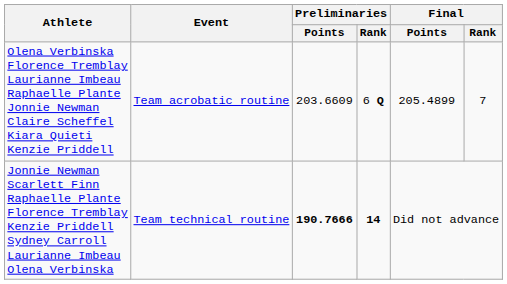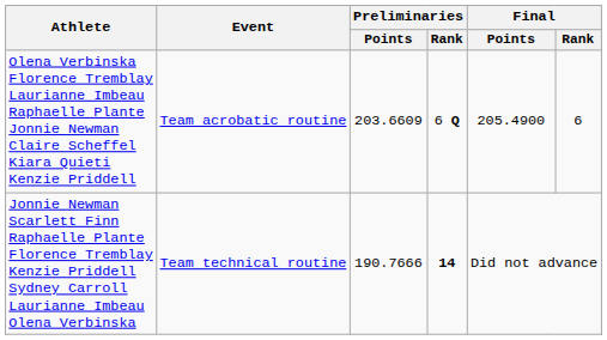 <table class="wikitable" style="text-align:center; font-size:90%; ">
 <tr>
 <th rowspan="2">Athlete</th>
 <th rowspan="2">Event</th>
 <th colspan="2">Preliminaries</th>
 <th colspan="2">Final</th>
 </tr>
 <tr style="font-size:95%">
 <th>Points</th>
 <th>Rank</th>
 <th>Points</th>
 <th>Rank</th>
 </tr>
 <tr>
 <td align=left><a href='#'>Olena Verbinska</a><br> <a href='#'>Florence Tremblay</a><br> <a href='#'>Laurianne Imbeau</a><br> <a href='#'>Raphaelle Plante</a><br> <a href='#'>Jonnie Newman</a><br> <a href='#'>Claire Scheffel</a><br> <a href='#'>Kiara Quieti</a><br> <a href='#'>Kenzie Priddell</a></td>
 <td align=left><a href='#'>Team acrobatic routine</a></td>
 <td>203.6609</td>
 <td>6 <strong>Q</strong></td>
-<td>205.4899</td>
-<td>7</td>
+<td>205.4900</td>
+<td>6</td>
 </tr>
 <tr>
 <td align=left><a href='#'>Jonnie Newman</a><br> <a href='#'>Scarlett Finn</a><br> <a href='#'>Raphaelle Plante</a><br> <a href='#'>Florence Tremblay</a><br> <a href='#'>Kenzie Priddell</a><br> <a href='#'>Sydney Carroll</a><br> <a href='#'>Laurianne Imbeau</a><br> <a href='#'>Olena Verbinska</a></td>
 <td align=left><a href='#'>Team technical routine</a></td>
-<td><strong>190.7666</strong></td>
+<td>190.7666</td>
 <td><strong>14</strong></td>
 <td colspan=2>Did not advance</td>
 </tr>
 </table>
